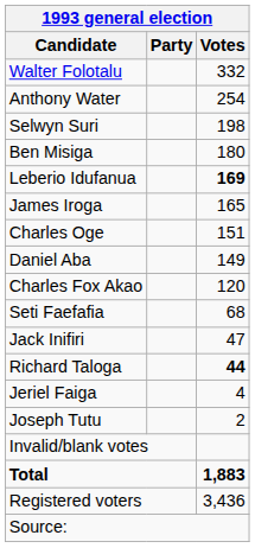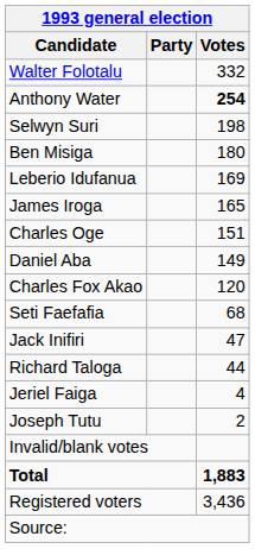 <table class=wikitable style=text-align:left>
 <tr>
 <th colspan=3><a href='#'>1993 general election</a></th>
 </tr>
 <tr>
 <th>Candidate</th>
 <th>Party</th>
 <th>Votes</th>
 </tr>
 <tr>
 <td><a href='#'>Walter Folotalu</a></td>
 <td></td>
 <td align=right>332</td>
 </tr>
 <tr>
 <td>Anthony Water</td>
 <td></td>
-<td align=right>254</td>
+<td align=right><strong>254</strong></td>
 </tr>
 <tr>
 <td>Selwyn Suri</td>
 <td></td>
 <td align=right>198</td>
 </tr>
 <tr>
 <td>Ben Misiga</td>
 <td></td>
 <td align=right>180</td>
 </tr>
 <tr>
 <td>Leberio Idufanua</td>
 <td></td>
-<td align=right><strong>169</strong></td>
+<td align=right>169</td>
 </tr>
 <tr>
 <td>James Iroga</td>
 <td></td>
 <td align=right>165</td>
 </tr>
 <tr>
 <td>Charles Oge</td>
 <td></td>
 <td align=right>151</td>
 </tr>
 <tr>
 <td>Daniel Aba</td>
 <td></td>
 <td align=right>149</td>
 </tr>
 <tr>
 <td>Charles Fox Akao</td>
 <td></td>
 <td align=right>120</td>
 </tr>
 <tr>
 <td>Seti Faefafia</td>
 <td></td>
 <td align=right>68</td>
 </tr>
 <tr>
 <td>Jack Inifiri</td>
 <td></td>
 <td align=right>47</td>
 </tr>
 <tr>
 <td>Richard Taloga</td>
 <td></td>
-<td align=right><strong>44</strong></td>
+<td align=right>44</td>
 </tr>
 <tr>
 <td>Jeriel Faiga</td>
 <td></td>
 <td align=right>4</td>
 </tr>
 <tr>
 <td>Joseph Tutu</td>
 <td></td>
 <td align=right>2</td>
 </tr>
 <tr>
 <td colspan=2>Invalid/blank votes</td>
 <td></td>
 </tr>
 <tr>
 <td colspan=2><strong>Total</strong></td>
 <td align=right><strong>1,883</strong></td>
 </tr>
 <tr>
 <td colspan=2>Registered voters</td>
 <td align=right>3,436</td>
 </tr>
 <tr>
 <td colspan=3>Source: </td>
 </tr>
 </table>
